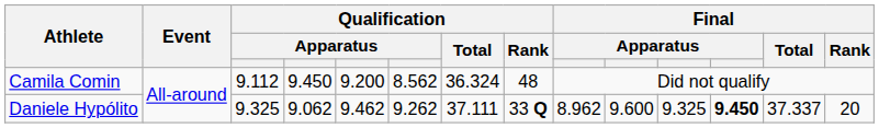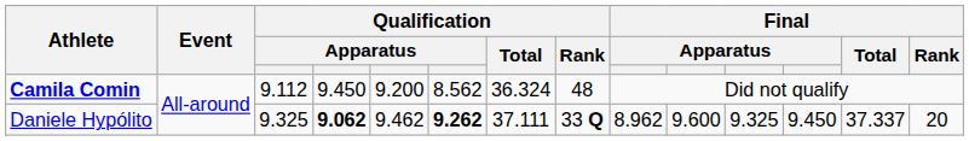 <table class=wikitable style=font-size:90%;text-align:center>
 <tr>
 <th rowspan=3>Athlete</th>
 <th rowspan=3>Event</th>
 <th colspan=6>Qualification</th>
 <th colspan=6>Final</th>
 </tr>
 <tr style=font-size:95%>
 <th colspan=4>Apparatus</th>
 <th rowspan=2>Total</th>
 <th rowspan=2>Rank</th>
 <th colspan=4>Apparatus</th>
 <th rowspan=2>Total</th>
 <th rowspan=2>Rank</th>
 </tr>
 <tr style=font-size:95%>
 <th></th>
 <th></th>
 <th></th>
 <th></th>
 <th></th>
 <th></th>
 <th></th>
 <th></th>
 </tr>
 <tr>
-<td align=left><a href='#'>Camila Comin</a></td>
+<td align=left><strong><a href='#'>Camila Comin</a></strong></td>
 <td align=left rowspan=2><a href='#'>All-around</a></td>
 <td>9.112</td>
 <td>9.450</td>
 <td>9.200</td>
 <td>8.562</td>
 <td>36.324</td>
 <td>48</td>
 <td colspan=6>Did not qualify</td>
 </tr>
 <tr>
 <td align=left><a href='#'>Daniele Hypólito</a></td>
 <td>9.325</td>
-<td>9.062</td>
+<td><strong>9.062</strong></td>
 <td>9.462</td>
-<td>9.262</td>
+<td><strong>9.262</strong></td>
 <td>37.111</td>
 <td>33 <strong>Q</strong></td>
 <td>8.962</td>
 <td>9.600</td>
 <td>9.325</td>
-<td><strong>9.450</strong></td>
+<td>9.450</td>
 <td>37.337</td>
 <td>20</td>
 </tr>
 </table>
